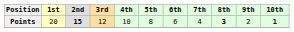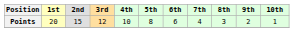 <table class="wikitable" style="font-size:85%; text-align:center">
 <tr>
 <th>Position</th>
 <td style="background:#ffffbf;"> <strong>1st</strong> </td>
 <td style="background:#dfdfdf;"> <strong>2nd</strong> </td>
 <td style="background:#ffdf9f;"> <strong>3rd</strong> </td>
 <td style="background:#dfffdf;"> <strong>4th</strong> </td>
 <td style="background:#dfffdf;"> <strong>5th</strong> </td>
 <td style="background:#dfffdf;"> <strong>6th</strong> </td>
 <td style="background:#dfffdf;"> <strong>7th</strong> </td>
 <td style="background:#dfffdf;"> <strong>8th</strong> </td>
 <td style="background:#dfffdf;"> <strong>9th</strong> </td>
 <td style="background:#dfffdf;"> <strong>10th</strong> </td>
 </tr>
 <tr>
 <th>Points</th>
 <td style="background:#ffffbf;">20</td>
-<td style="background:#dfdfdf;"><strong>15</strong></td>
+<td style="background:#dfdfdf;">15</td>
 <td style="background:#ffdf9f;">12</td>
 <td style="background:#dfffdf;">10</td>
 <td style="background:#dfffdf;">8</td>
 <td style="background:#dfffdf;">6</td>
 <td style="background:#dfffdf;">4</td>
-<td style="background:#dfffdf;"><strong>3</strong></td>
+<td style="background:#dfffdf;">3</td>
 <td style="background:#dfffdf;">2</td>
-<td style="background:#dfffdf;"><strong>1</strong></td>
+<td style="background:#dfffdf;">1</td>
 </tr>
 <tr>
 </tr>
 </table>
